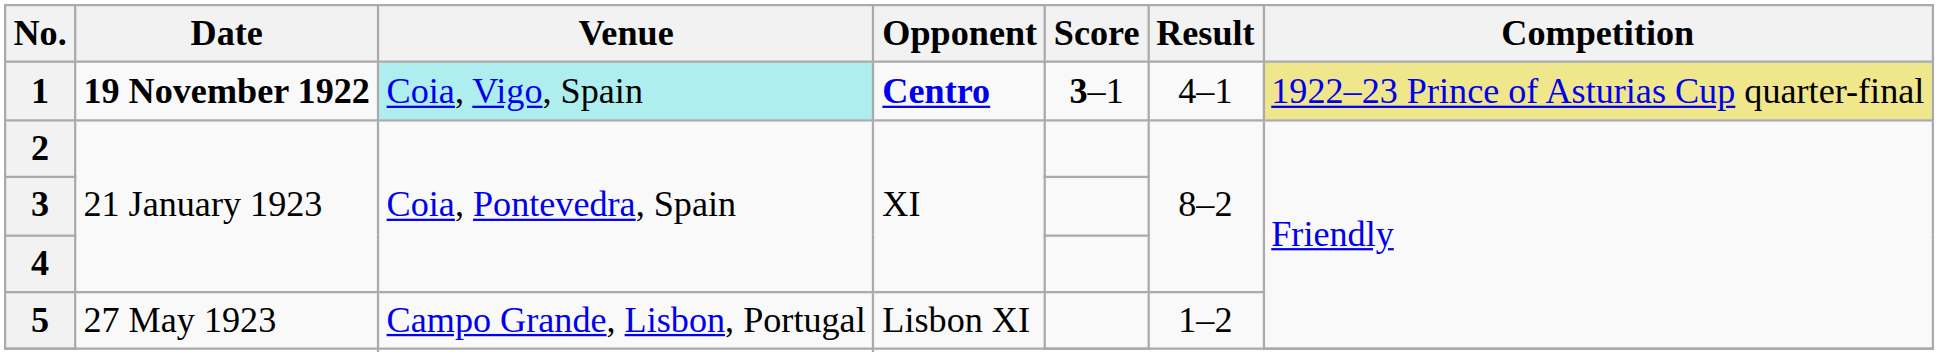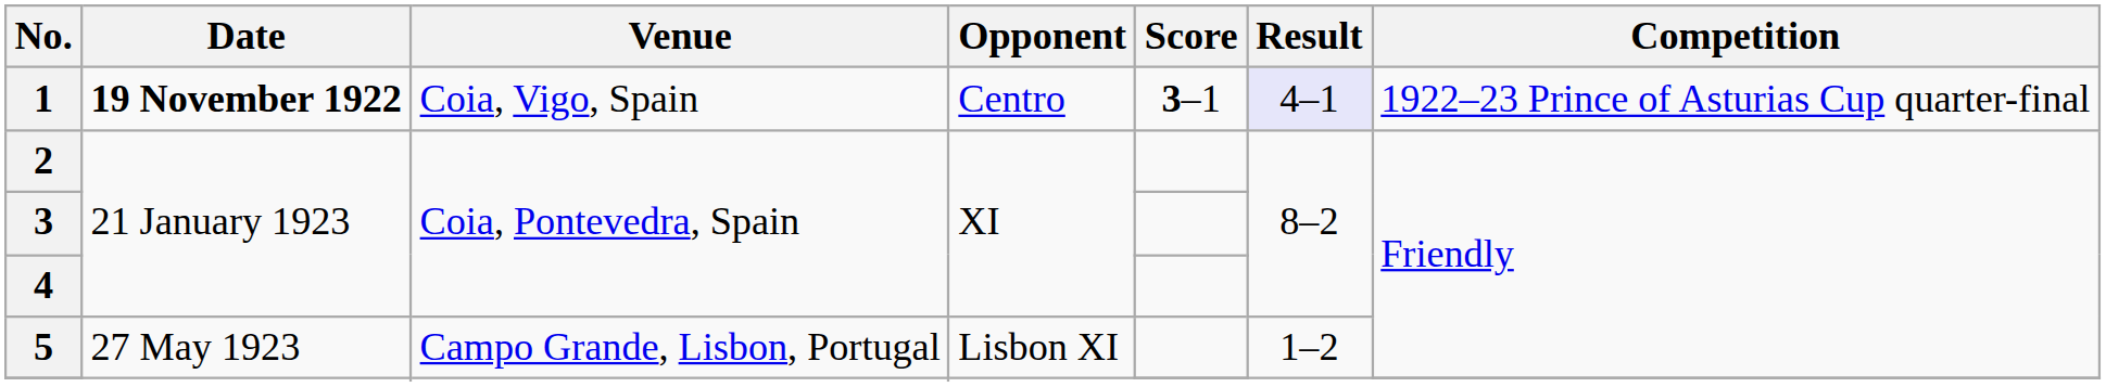 <table class="wikitable sortable plainrowheaders">
 <tr>
 <th scope=col>No.</th>
 <th scope=col>Date</th>
 <th scope=col>Venue</th>
 <th scope=col>Opponent</th>
 <th scope=col>Score</th>
 <th scope=col>Result</th>
 <th scope=col>Competition</th>
 </tr>
 <tr>
 <th scope=row style=text-align:center>1</th>
 <td><strong>19 November 1922</strong></td>
-<td style="background: paleturquoise;"><a href='#'>Coia</a>, <a href='#'>Vigo</a>, Spain</td>
-<td><strong> <a href='#'>Centro</a></strong></td>
+<td><a href='#'>Coia</a>, <a href='#'>Vigo</a>, Spain</td>
+<td> <a href='#'>Centro</a></td>
 <td align=center><strong>3</strong>–1</td>
-<td align=center>4–1</td>
-<td style="background: khaki;"><a href='#'>1922–23 Prince of Asturias Cup</a> quarter-final</td>
+<td align=center style="background: lavender;">4–1</td>
+<td><a href='#'>1922–23 Prince of Asturias Cup</a> quarter-final</td>
 </tr>
 <tr>
 <th scope=row style=text-align:center>2</th>
 <td rowspan="3">21 January 1923</td>
 <td rowspan="3"><a href='#'>Coia</a>, <a href='#'>Pontevedra</a>, Spain</td>
 <td rowspan="3"> XI</td>
 <td align=center></td>
 <td rowspan="3" align=center>8–2</td>
 <td rowspan="4"><a href='#'>Friendly</a></td>
 </tr>
 <tr>
 <th scope=row style=text-align:center>3</th>
 <td align=center></td>
 </tr>
 <tr>
 <th scope=row style=text-align:center>4</th>
 <td align=center></td>
 </tr>
 <tr>
 <th scope=row style=text-align:center>5</th>
 <td rowspan="3">27 May 1923</td>
 <td rowspan="3"><a href='#'>Campo Grande</a>, <a href='#'>Lisbon</a>, Portugal</td>
 <td rowspan="3">Lisbon XI </td>
 <td align=center></td>
 <td rowspan="3" align=center>1–2</td>
 </tr>
 <tr>
 </tr>
 </table>
